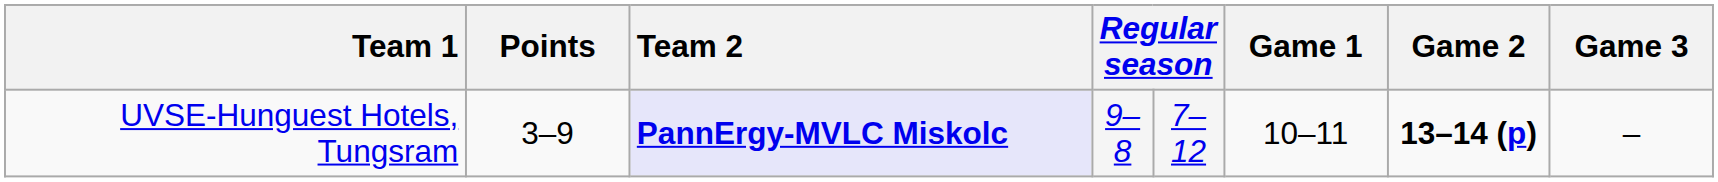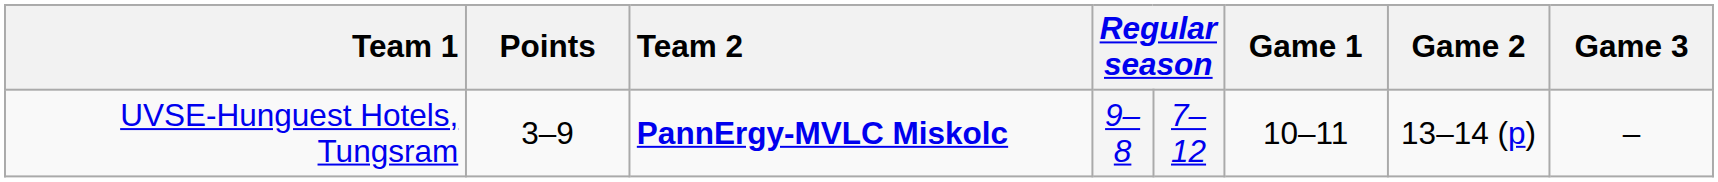 <table class=wikitable style="text-align:center">
 <tr>
 <th style="width:250px; text-align:right;">Team 1</th>
 <th style="width:80px;">Points</th>
 <th style="width:250px; text-align:left;">Team 2</th>
 <th colspan=2; style="width:170px;"><em><a href='#'>Regular season</a></em></th>
 <th style="width:80px;">Game 1</th>
 <th style="width:80px;">Game 2</th>
 <th style="width:80px;">Game 3</th>
 </tr>
 <tr>
 <td style="text-align:right;"><a href='#'>UVSE-Hunguest Hotels, Tungsram</a></td>
 <td>3–9</td>
-<td style="background: lavender; text-align:left;"><strong><a href='#'>PannErgy-MVLC Miskolc</a></strong></td>
+<td style="text-align:left;"><strong><a href='#'>PannErgy-MVLC Miskolc</a></strong></td>
 <td bgcolor=#f5f5f5><em><a href='#'>9–8</a></em></td>
 <td bgcolor=#f5f5f5><em><a href='#'>7–12</a></em></td>
 <td>10–11</td>
-<td><strong>13–14 (<a href='#'>p</a>)</strong></td>
+<td>13–14 (<a href='#'>p</a>)</td>
 <td>–</td>
 </tr>
 </table>
